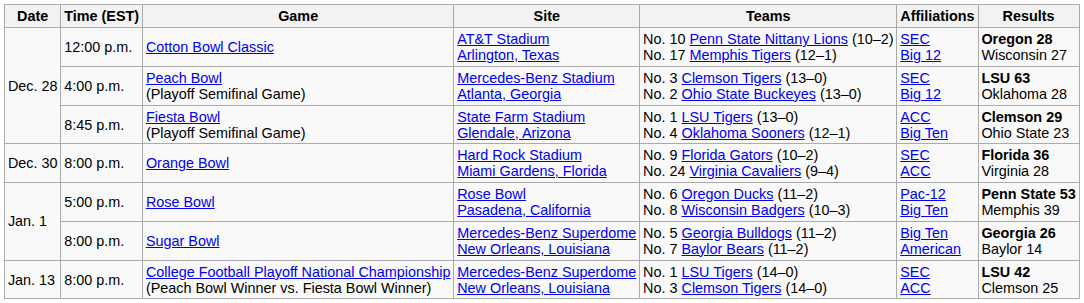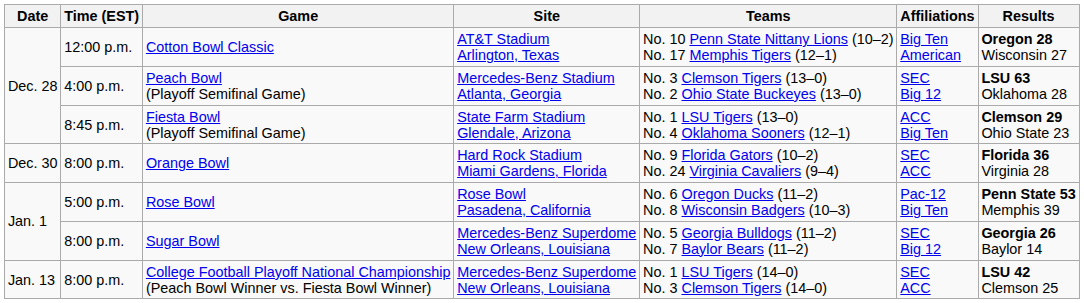 <table class="wikitable" style="font-size:90%">
 <tr>
 <th>Date</th>
 <th>Time (EST)</th>
 <th>Game</th>
 <th>Site</th>
 <th>Teams</th>
 <th>Affiliations</th>
 <th>Results</th>
 </tr>
 <tr>
 <td rowspan=3 style=white–space:nowrap>Dec. 28</td>
 <td>12:00 p.m.</td>
 <td><a href='#'>Cotton Bowl Classic</a></td>
 <td><a href='#'>AT&T Stadium</a><br><a href='#'>Arlington, Texas</a></td>
 <td>No. 10 <a href='#'>Penn State Nittany Lions</a> (10–2)<br>No. 17 <a href='#'>Memphis Tigers</a> (12–1)</td>
-<td><a href='#'>SEC</a><br><a href='#'>Big 12</a></td>
+<td><a href='#'>Big Ten</a><br><a href='#'>American</a></td>
 <td><strong>Oregon 28</strong><br>Wisconsin 27</td>
 </tr>
 <tr>
 <td>4:00 p.m.</td>
 <td><a href='#'>Peach Bowl</a><br>(Playoff Semifinal Game)</td>
 <td><a href='#'>Mercedes-Benz Stadium</a><br><a href='#'>Atlanta, Georgia</a></td>
 <td>No. 3 <a href='#'>Clemson Tigers</a> (13–0)<br>No. 2 <a href='#'>Ohio State Buckeyes</a> (13–0)</td>
 <td><a href='#'>SEC</a><br><a href='#'>Big 12</a></td>
 <td><strong>LSU 63</strong><br>Oklahoma 28</td>
 </tr>
 <tr>
 <td>8:45 p.m.</td>
 <td><a href='#'>Fiesta Bowl</a><br>(Playoff Semifinal Game)</td>
 <td><a href='#'>State Farm Stadium</a><br><a href='#'>Glendale, Arizona</a></td>
 <td>No. 1 <a href='#'>LSU Tigers</a> (13–0)<br>No. 4 <a href='#'>Oklahoma Sooners</a> (12–1)</td>
 <td><a href='#'>ACC</a><br><a href='#'>Big Ten</a></td>
 <td><strong>Clemson 29</strong><br>Ohio State 23</td>
 </tr>
 <tr>
 <td>Dec. 30</td>
 <td>8:00 p.m.</td>
 <td><a href='#'>Orange Bowl</a></td>
 <td><a href='#'>Hard Rock Stadium</a><br><a href='#'>Miami Gardens, Florida</a></td>
 <td>No. 9 <a href='#'>Florida Gators</a> (10–2)<br>No. 24 <a href='#'>Virginia Cavaliers</a> (9–4)</td>
 <td><a href='#'>SEC</a><br><a href='#'>ACC</a></td>
 <td><strong>Florida 36</strong><br>Virginia 28</td>
 </tr>
 <tr>
 <td rowspan=2 style=white–space:nowrap>Jan. 1</td>
 <td>5:00 p.m.</td>
 <td><a href='#'>Rose Bowl</a></td>
 <td><a href='#'>Rose Bowl</a><br><a href='#'>Pasadena, California</a></td>
 <td>No. 6 <a href='#'>Oregon Ducks</a> (11–2)<br>No. 8 <a href='#'>Wisconsin Badgers</a> (10–3)</td>
 <td><a href='#'>Pac-12</a><br><a href='#'>Big Ten</a></td>
 <td><strong>Penn State 53</strong><br>Memphis 39</td>
 </tr>
 <tr>
 <td>8:00 p.m.</td>
 <td><a href='#'>Sugar Bowl</a></td>
 <td><a href='#'>Mercedes-Benz Superdome</a><br><a href='#'>New Orleans, Louisiana</a></td>
 <td>No. 5 <a href='#'>Georgia Bulldogs</a> (11–2)<br>No. 7 <a href='#'>Baylor Bears</a> (11–2)</td>
-<td><a href='#'>Big Ten</a><br><a href='#'>American</a></td>
+<td><a href='#'>SEC</a><br><a href='#'>Big 12</a></td>
 <td><strong>Georgia 26</strong><br>Baylor 14</td>
 </tr>
 <tr>
 <td>Jan. 13</td>
 <td>8:00 p.m.</td>
 <td><a href='#'>College Football Playoff National Championship</a><br>(Peach Bowl Winner vs. Fiesta Bowl Winner)</td>
 <td><a href='#'>Mercedes-Benz Superdome</a><br><a href='#'>New Orleans, Louisiana</a></td>
 <td>No. 1 <a href='#'>LSU Tigers</a> (14–0)<br>No. 3 <a href='#'>Clemson Tigers</a> (14–0)</td>
 <td><a href='#'>SEC</a><br><a href='#'>ACC</a></td>
 <td><strong>LSU 42</strong><br>Clemson 25</td>
 </tr>
 </table>
